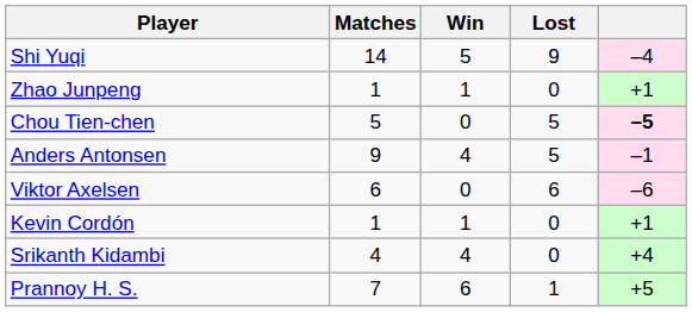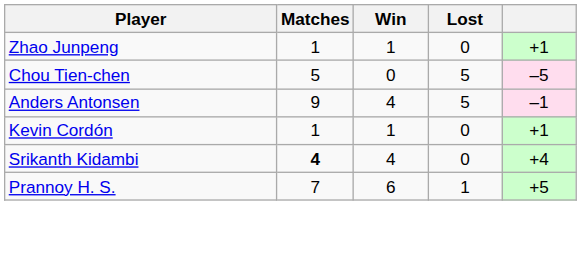 <table class=wikitable style="text-align:center; font-size:small">
 <tr>
 <th width="200">Player</th>
 <th width="50">Matches</th>
 <th width="50">Win</th>
 <th width="50">Lost</th>
 <th width="50"></th>
-</tr>
-<tr>
-<td align="left"> <a href='#'>Shi Yuqi</a></td>
-<td>14</td>
-<td>5</td>
-<td>9</td>
-<td bgcolor="#ffddee">–4</td>
 </tr>
 <tr>
 <td align="left"> <a href='#'>Zhao Junpeng</a></td>
 <td>1</td>
 <td>1</td>
 <td>0</td>
 <td bgcolor="#ccffcc">+1</td>
 </tr>
 <tr>
 <td align="left"> <a href='#'>Chou Tien-chen</a></td>
 <td>5</td>
 <td>0</td>
 <td>5</td>
-<td bgcolor="#ffddee"><strong>–5</strong></td>
+<td bgcolor="#ffddee">–5</td>
 </tr>
 <tr>
 <td align="left"> <a href='#'>Anders Antonsen</a></td>
 <td>9</td>
 <td>4</td>
 <td>5</td>
 <td bgcolor="#ffddee">–1</td>
-</tr>
-<tr>
-<td align="left"> <a href='#'>Viktor Axelsen</a></td>
-<td>6</td>
-<td>0</td>
-<td>6</td>
-<td bgcolor="#ffddee">–6</td>
 </tr>
 <tr>
 <td align="left"> <a href='#'>Kevin Cordón</a></td>
 <td>1</td>
 <td>1</td>
 <td>0</td>
 <td bgcolor="#ccffcc">+1</td>
 </tr>
 <tr>
 <td align="left"> <a href='#'>Srikanth Kidambi</a></td>
-<td>4</td>
+<td><strong>4</strong></td>
 <td>4</td>
 <td>0</td>
 <td bgcolor="#ccffcc">+4</td>
 </tr>
 <tr>
 <td align="left"> <a href='#'>Prannoy H. S.</a></td>
 <td>7</td>
 <td>6</td>
 <td>1</td>
 <td bgcolor="#ccffcc">+5</td>
 </tr>
 </table>
